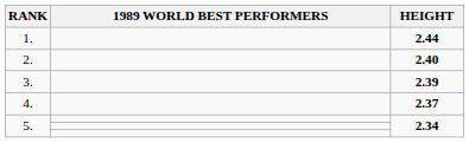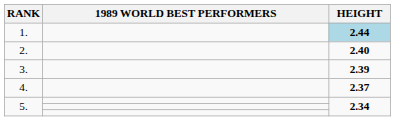 <table class="wikitable" style="border-collapse: collapse; font-size: 90%;">
 <tr>
 <th>RANK</th>
 <th align="center" style="width: 25em">1989 WORLD BEST PERFORMERS</th>
 <th align="center" style="width: 5em">HEIGHT</th>
 </tr>
 <tr>
 <td align="center">1.</td>
 <td></td>
-<td align="center"><strong>2.44</strong></td>
+<td align="center" style="background: lightblue;"><strong>2.44</strong></td>
 </tr>
 <tr>
 <td align="center">2.</td>
 <td></td>
 <td align="center"><strong>2.40</strong></td>
 </tr>
 <tr>
 <td align="center">3.</td>
 <td></td>
 <td align="center"><strong>2.39</strong></td>
 </tr>
 <tr>
 <td align="center">4.</td>
 <td></td>
 <td align="center"><strong>2.37</strong></td>
 </tr>
 <tr>
 <td rowspan=3 align="center">5.</td>
 <td></td>
 <td rowspan=3 align="center"><strong>2.34</strong></td>
 </tr>
 <tr>
 <td></td>
 </tr>
 <tr>
 <td></td>
 </tr>
 </table>
